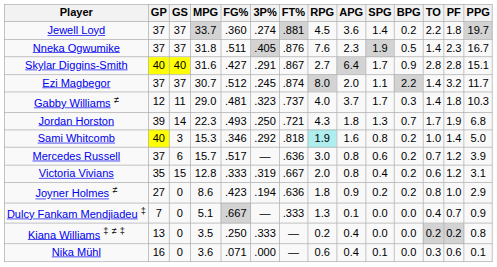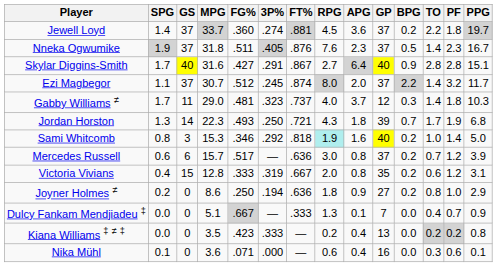 <table class="wikitable sortable" style="text-align:center;">
 <tr>
 <th>Player</th>
-<th>GP</th>
+<th>SPG</th>
 <th>GS</th>
 <th>MPG</th>
 <th>FG%</th>
 <th>3P%</th>
 <th>FT%</th>
 <th>RPG</th>
 <th>APG</th>
-<th>SPG</th>
+<th>GP</th>
 <th>BPG</th>
 <th>TO</th>
 <th>PF</th>
 <th>PPG</th>
 </tr>
 <tr>
 <td><a href='#'>Jewell Loyd</a></td>
-<td>37</td>
+<td>1.4</td>
 <td>37</td>
 <td style="background:#D3D3D3;">33.7</td>
 <td>.360</td>
 <td>.274</td>
 <td style="background:#D3D3D3;">.881</td>
 <td>4.5</td>
 <td>3.6</td>
-<td>1.4</td>
+<td>37</td>
 <td>0.2</td>
 <td>2.2</td>
 <td>1.8</td>
 <td style="background:#D3D3D3;">19.7</td>
 </tr>
 <tr>
 <td><a href='#'>Nneka Ogwumike</a></td>
-<td>37</td>
+<td style="background:#D3D3D3;">1.9</td>
 <td>37</td>
 <td>31.8</td>
 <td>.511</td>
 <td style="background:#D3D3D3;">.405</td>
 <td>.876</td>
 <td>7.6</td>
 <td>2.3</td>
-<td style="background:#D3D3D3;">1.9</td>
+<td>37</td>
 <td>0.5</td>
 <td>1.4</td>
 <td>2.3</td>
 <td>16.7</td>
 </tr>
 <tr>
 <td><a href='#'>Skylar Diggins-Smith</a></td>
-<td style="background:yellow;">40</td>
+<td>1.7</td>
 <td style="background:yellow;">40</td>
 <td>31.6</td>
 <td>.427</td>
 <td>.291</td>
 <td>.867</td>
 <td>2.7</td>
 <td style="background:#D3D3D3;">6.4</td>
-<td>1.7</td>
+<td style="background:yellow;">40</td>
 <td>0.9</td>
 <td>2.8</td>
 <td>2.8</td>
 <td>15.1</td>
 </tr>
 <tr>
 <td><a href='#'>Ezi Magbegor</a></td>
-<td>37</td>
+<td>1.1</td>
 <td>37</td>
 <td>30.7</td>
 <td>.512</td>
 <td>.245</td>
 <td>.874</td>
 <td style="background:#D3D3D3;">8.0</td>
 <td>2.0</td>
-<td>1.1</td>
+<td>37</td>
 <td style="background:#D3D3D3;">2.2</td>
 <td>1.4</td>
 <td>3.2</td>
 <td>11.7</td>
 </tr>
 <tr>
 <td><a href='#'>Gabby Williams</a> <sup>≠</sup></td>
-<td>12</td>
+<td>1.7</td>
 <td>11</td>
 <td>29.0</td>
 <td>.481</td>
 <td>.323</td>
 <td>.737</td>
 <td>4.0</td>
 <td>3.7</td>
-<td>1.7</td>
+<td>12</td>
 <td>0.3</td>
 <td>1.4</td>
 <td>1.8</td>
 <td>10.3</td>
 </tr>
 <tr>
 <td><a href='#'>Jordan Horston</a></td>
-<td>39</td>
+<td>1.3</td>
 <td>14</td>
 <td>22.3</td>
 <td>.493</td>
 <td>.250</td>
 <td>.721</td>
 <td>4.3</td>
 <td>1.8</td>
-<td>1.3</td>
+<td>39</td>
 <td>0.7</td>
 <td>1.7</td>
 <td>1.9</td>
 <td>6.8</td>
 </tr>
 <tr>
 <td><a href='#'>Sami Whitcomb</a></td>
-<td style="background:yellow;">40</td>
+<td>0.8</td>
 <td>3</td>
 <td>15.3</td>
 <td>.346</td>
 <td>.292</td>
 <td>.818</td>
 <td style="background: paleturquoise;">1.9</td>
 <td>1.6</td>
-<td>0.8</td>
+<td style="background:yellow;">40</td>
 <td>0.2</td>
 <td>1.0</td>
 <td>1.4</td>
 <td>5.0</td>
 </tr>
 <tr>
 <td><a href='#'>Mercedes Russell</a></td>
-<td>37</td>
+<td>0.6</td>
 <td>6</td>
 <td>15.7</td>
 <td>.517</td>
 <td>—</td>
 <td>.636</td>
 <td>3.0</td>
 <td>0.8</td>
-<td>0.6</td>
+<td>37</td>
 <td>0.2</td>
 <td>0.7</td>
 <td>1.2</td>
 <td>3.9</td>
 </tr>
 <tr>
 <td><a href='#'>Victoria Vivians</a></td>
-<td>35</td>
+<td>0.4</td>
 <td>15</td>
 <td>12.8</td>
 <td>.333</td>
 <td>.319</td>
 <td>.667</td>
 <td>2.0</td>
 <td>0.8</td>
-<td>0.4</td>
+<td>35</td>
 <td>0.2</td>
 <td>0.6</td>
 <td>1.2</td>
 <td>3.1</td>
 </tr>
 <tr>
 <td><a href='#'>Joyner Holmes</a> <sup>≠</sup></td>
-<td>27</td>
+<td>0.2</td>
 <td>0</td>
 <td>8.6</td>
-<td>.423</td>
+<td>.250</td>
 <td>.194</td>
 <td>.636</td>
 <td>1.8</td>
 <td>0.9</td>
-<td>0.2</td>
+<td>27</td>
 <td>0.2</td>
 <td>0.8</td>
 <td>1.0</td>
 <td>2.9</td>
 </tr>
 <tr>
 <td><a href='#'>Dulcy Fankam Mendjiadeu</a> <sup>‡</sup></td>
-<td>7</td>
+<td>0.0</td>
 <td>0</td>
 <td>5.1</td>
 <td style="background:#D3D3D3;">.667</td>
 <td>—</td>
 <td>.333</td>
 <td>1.3</td>
 <td>0.1</td>
-<td>0.0</td>
+<td>7</td>
 <td>0.0</td>
 <td>0.4</td>
 <td>0.7</td>
 <td>0.9</td>
 </tr>
 <tr>
 <td><a href='#'>Kiana Williams</a> <sup>‡</sup> <sup>≠</sup> <sup>‡</sup></td>
-<td>13</td>
+<td>0.0</td>
 <td>0</td>
 <td>3.5</td>
-<td>.250</td>
+<td>.423</td>
 <td>.333</td>
 <td>—</td>
 <td>0.2</td>
 <td>0.4</td>
-<td>0.0</td>
+<td>13</td>
 <td>0.0</td>
 <td style="background:#D3D3D3;">0.2</td>
 <td style="background:#D3D3D3;">0.2</td>
 <td>0.8</td>
 </tr>
 <tr>
 <td><a href='#'>Nika Mühl</a></td>
-<td>16</td>
+<td>0.1</td>
 <td>0</td>
 <td>3.6</td>
 <td>.071</td>
 <td>.000</td>
 <td>—</td>
 <td>0.6</td>
 <td>0.4</td>
-<td>0.1</td>
+<td>16</td>
 <td>0.0</td>
 <td>0.3</td>
 <td>0.6</td>
 <td>0.1</td>
 </tr>
 </table>
